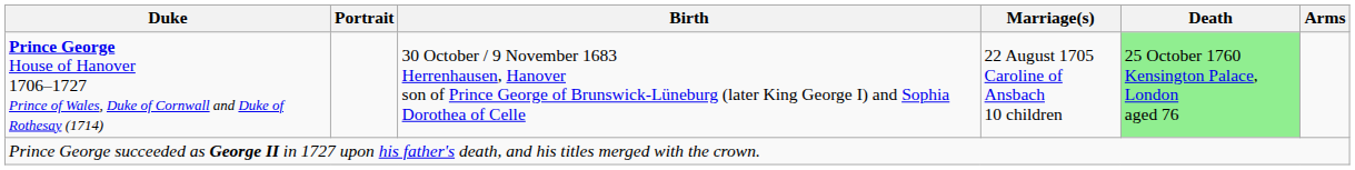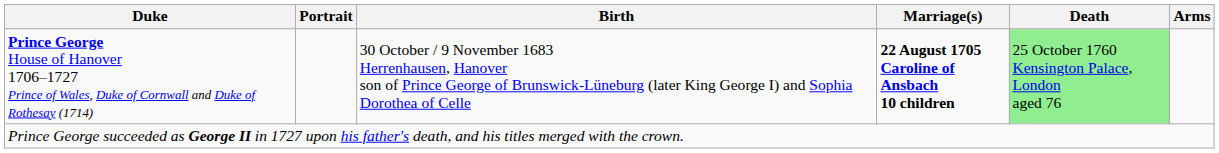 <table class="wikitable">
 <tr>
 <th>Duke</th>
 <th>Portrait</th>
 <th>Birth</th>
 <th>Marriage(s)</th>
 <th>Death</th>
 <th>Arms</th>
 </tr>
 <tr>
 <td><strong><a href='#'>Prince George</a></strong><br><a href='#'>House of Hanover</a><br>1706–1727<br><small><em><a href='#'>Prince of Wales</a>, <a href='#'>Duke of Cornwall</a> and <a href='#'>Duke of Rothesay</a> (1714)</em></small></td>
 <td></td>
 <td>30 October / 9 November 1683<br><a href='#'>Herrenhausen</a>, <a href='#'>Hanover</a><br>son of <a href='#'>Prince George of Brunswick-Lüneburg</a> (later King George I) and <a href='#'>Sophia Dorothea of Celle</a></td>
-<td>22 August 1705<br><a href='#'>Caroline of Ansbach</a><br>10 children</td>
+<td><strong>22 August 1705<br><a href='#'>Caroline of Ansbach</a><br>10 children</strong></td>
 <td style="background: lightgreen;">25 October 1760<br><a href='#'>Kensington Palace</a>, <a href='#'>London</a><br>aged 76</td>
 <td></td>
 </tr>
 <tr>
 <td colspan="6"><em>Prince George succeeded as <strong>George II</strong> in 1727 upon <a href='#'>his father's</a> death, and his titles merged with the crown.</em></td>
 </tr>
 </table>
